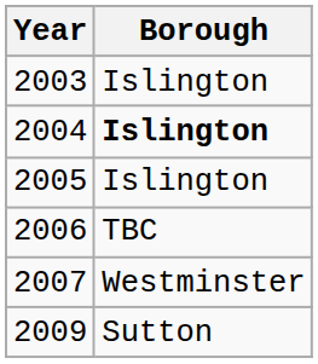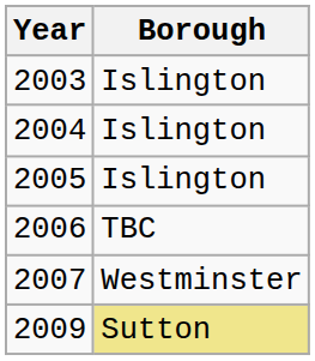 <table class="wikitable">
 <tr>
 <th>Year</th>
 <th>Borough</th>
 </tr>
 <tr>
 <td>2003</td>
 <td>Islington</td>
 </tr>
 <tr>
 <td>2004</td>
-<td><strong>Islington</strong></td>
+<td>Islington</td>
 </tr>
 <tr>
 <td>2005</td>
 <td>Islington</td>
 </tr>
 <tr>
 <td>2006</td>
 <td>TBC</td>
 </tr>
 <tr>
 <td>2007</td>
 <td>Westminster</td>
 </tr>
 <tr>
 <td>2009</td>
-<td>Sutton</td>
+<td style="background: khaki;">Sutton</td>
 </tr>
 </table>
